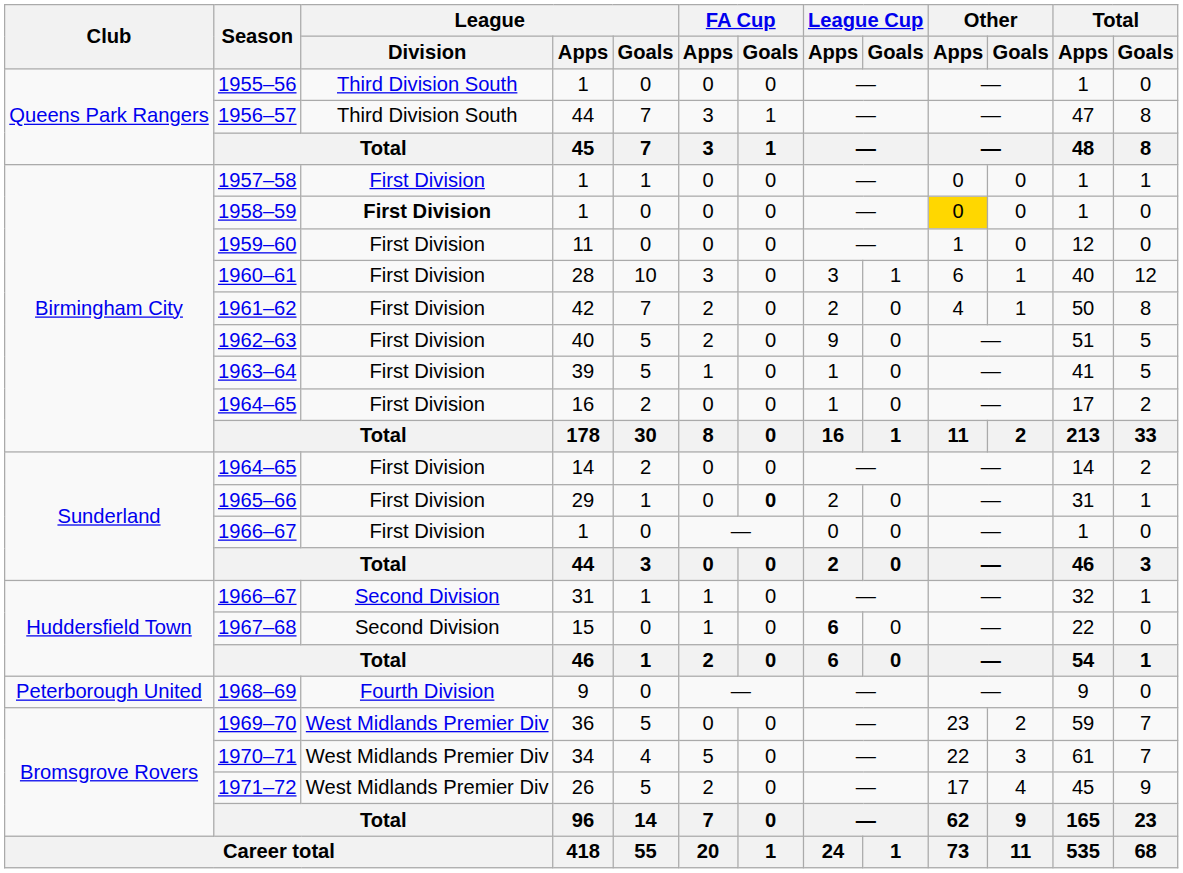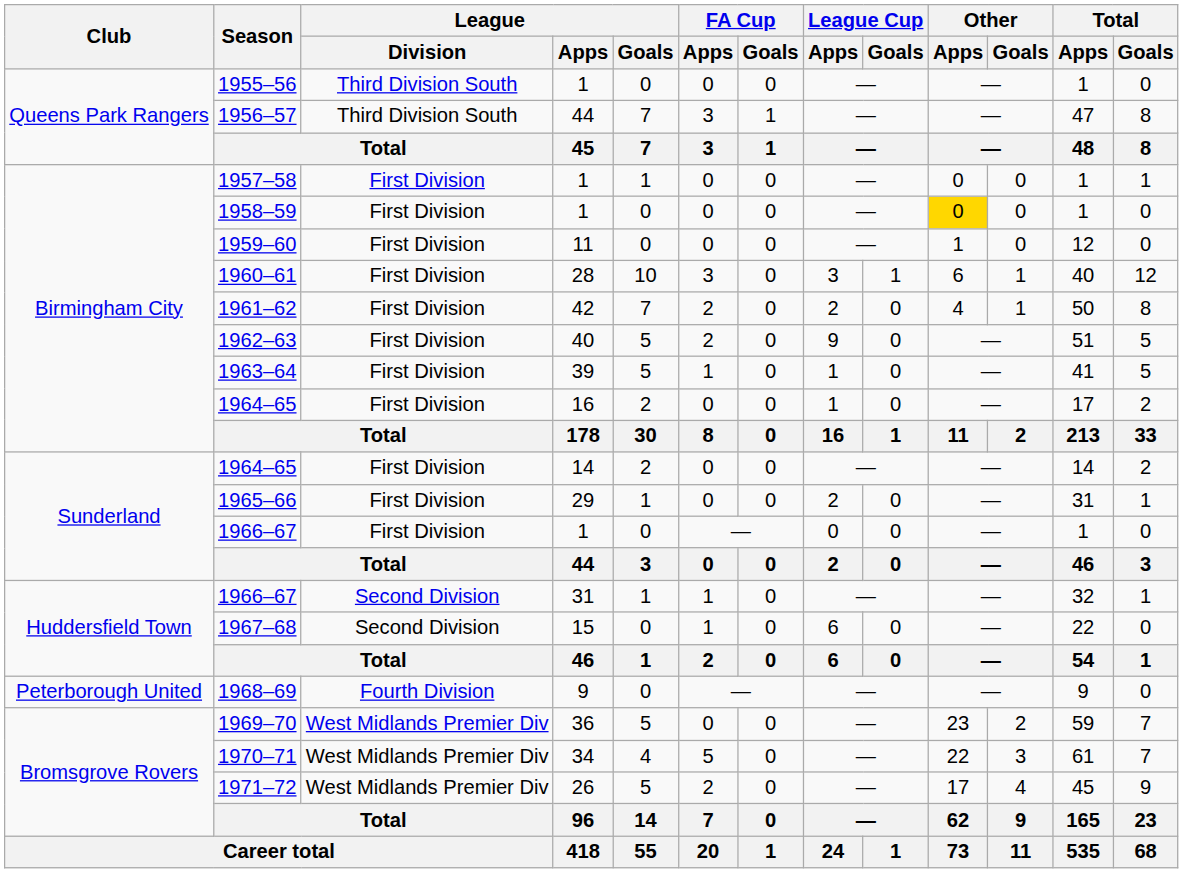 <table class=wikitable style="text-align:center">
 <tr>
 <th rowspan="2">Club</th>
 <th rowspan="2">Season</th>
 <th colspan="3">League</th>
 <th colspan="2"><a href='#'>FA Cup</a></th>
 <th colspan="2"><a href='#'>League Cup</a></th>
 <th colspan="2">Other</th>
 <th colspan="2">Total</th>
 </tr>
 <tr>
 <th>Division</th>
 <th>Apps</th>
 <th>Goals</th>
 <th>Apps</th>
 <th>Goals</th>
 <th>Apps</th>
 <th>Goals</th>
 <th>Apps</th>
 <th>Goals</th>
 <th>Apps</th>
 <th>Goals</th>
 </tr>
 <tr>
 <td rowspan="3"><a href='#'>Queens Park Rangers</a></td>
 <td><a href='#'>1955–56</a></td>
 <td><a href='#'>Third Division South</a></td>
 <td>1</td>
 <td>0</td>
 <td>0</td>
 <td>0</td>
 <td colspan="2">—</td>
 <td colspan="2">—</td>
 <td>1</td>
 <td>0</td>
 </tr>
 <tr>
 <td><a href='#'>1956–57</a></td>
 <td>Third Division South</td>
 <td>44</td>
 <td>7</td>
 <td>3</td>
 <td>1</td>
 <td colspan="2">—</td>
 <td colspan="2">—</td>
 <td>47</td>
 <td>8</td>
 </tr>
 <tr>
 <th colspan=2>Total</th>
 <th>45</th>
 <th>7</th>
 <th>3</th>
 <th>1</th>
 <th colspan="2">—</th>
 <th colspan="2">—</th>
 <th>48</th>
 <th>8</th>
 </tr>
 <tr>
 <td rowspan="9"><a href='#'>Birmingham City</a></td>
 <td><a href='#'>1957–58</a></td>
 <td><a href='#'>First Division</a></td>
 <td>1</td>
 <td>1</td>
 <td>0</td>
 <td>0</td>
 <td colspan="2">—</td>
 <td>0</td>
 <td>0</td>
 <td>1</td>
 <td>1</td>
 </tr>
 <tr>
 <td><a href='#'>1958–59</a></td>
-<td><strong>First Division</strong></td>
+<td>First Division</td>
 <td>1</td>
 <td>0</td>
 <td>0</td>
 <td>0</td>
 <td colspan="2">—</td>
 <td style="background: gold;">0</td>
 <td>0</td>
 <td>1</td>
 <td>0</td>
 </tr>
 <tr>
 <td><a href='#'>1959–60</a></td>
 <td>First Division</td>
 <td>11</td>
 <td>0</td>
 <td>0</td>
 <td>0</td>
 <td colspan="2">—</td>
 <td>1</td>
 <td>0</td>
 <td>12</td>
 <td>0</td>
 </tr>
 <tr>
 <td><a href='#'>1960–61</a></td>
 <td>First Division</td>
 <td>28</td>
 <td>10</td>
 <td>3</td>
 <td>0</td>
 <td>3</td>
 <td>1</td>
 <td>6</td>
 <td>1</td>
 <td>40</td>
 <td>12</td>
 </tr>
 <tr>
 <td><a href='#'>1961–62</a></td>
 <td>First Division</td>
 <td>42</td>
 <td>7</td>
 <td>2</td>
 <td>0</td>
 <td>2</td>
 <td>0</td>
 <td>4</td>
 <td>1</td>
 <td>50</td>
 <td>8</td>
 </tr>
 <tr>
 <td><a href='#'>1962–63</a></td>
 <td>First Division</td>
 <td>40</td>
 <td>5</td>
 <td>2</td>
 <td>0</td>
 <td>9</td>
 <td>0</td>
 <td colspan="2">—</td>
 <td>51</td>
 <td>5</td>
 </tr>
 <tr>
 <td><a href='#'>1963–64</a></td>
 <td>First Division</td>
 <td>39</td>
 <td>5</td>
 <td>1</td>
 <td>0</td>
 <td>1</td>
 <td>0</td>
 <td colspan="2">—</td>
 <td>41</td>
 <td>5</td>
 </tr>
 <tr>
 <td><a href='#'>1964–65</a></td>
 <td>First Division</td>
 <td>16</td>
 <td>2</td>
 <td>0</td>
 <td>0</td>
 <td>1</td>
 <td>0</td>
 <td colspan="2">—</td>
 <td>17</td>
 <td>2</td>
 </tr>
 <tr>
 <th colspan=2>Total</th>
 <th>178</th>
 <th>30</th>
 <th>8</th>
 <th>0</th>
 <th>16</th>
 <th>1</th>
 <th>11</th>
 <th>2</th>
 <th>213</th>
 <th>33</th>
 </tr>
 <tr>
 <td rowspan="4"><a href='#'>Sunderland</a></td>
 <td><a href='#'>1964–65</a></td>
 <td>First Division</td>
 <td>14</td>
 <td>2</td>
 <td>0</td>
 <td>0</td>
 <td colspan="2">—</td>
 <td colspan="2">—</td>
 <td>14</td>
 <td>2</td>
 </tr>
 <tr>
 <td><a href='#'>1965–66</a></td>
 <td>First Division</td>
 <td>29</td>
 <td>1</td>
 <td>0</td>
-<td><strong>0</strong></td>
+<td>0</td>
 <td>2</td>
 <td>0</td>
 <td colspan="2">—</td>
 <td>31</td>
 <td>1</td>
 </tr>
 <tr>
 <td><a href='#'>1966–67</a></td>
 <td>First Division</td>
 <td>1</td>
 <td>0</td>
 <td colspan="2">—</td>
 <td>0</td>
 <td>0</td>
 <td colspan="2">—</td>
 <td>1</td>
 <td>0</td>
 </tr>
 <tr>
 <th colspan=2>Total</th>
 <th>44</th>
 <th>3</th>
 <th>0</th>
 <th>0</th>
 <th>2</th>
 <th>0</th>
 <th colspan="2">—</th>
 <th>46</th>
 <th>3</th>
 </tr>
 <tr>
 <td rowspan="3"><a href='#'>Huddersfield Town</a></td>
 <td><a href='#'>1966–67</a></td>
 <td><a href='#'>Second Division</a></td>
 <td>31</td>
 <td>1</td>
 <td>1</td>
 <td>0</td>
 <td colspan="2">—</td>
 <td colspan="2">—</td>
 <td>32</td>
 <td>1</td>
 </tr>
 <tr>
 <td><a href='#'>1967–68</a></td>
 <td>Second Division</td>
 <td>15</td>
 <td>0</td>
 <td>1</td>
 <td>0</td>
-<td><strong>6</strong></td>
+<td>6</td>
 <td>0</td>
 <td colspan="2">—</td>
 <td>22</td>
 <td>0</td>
 </tr>
 <tr>
 <th colspan=2>Total</th>
 <th>46</th>
 <th>1</th>
 <th>2</th>
 <th>0</th>
 <th>6</th>
 <th>0</th>
 <th colspan="2">—</th>
 <th>54</th>
 <th>1</th>
 </tr>
 <tr>
 <td><a href='#'>Peterborough United</a></td>
 <td><a href='#'>1968–69</a></td>
 <td><a href='#'>Fourth Division</a></td>
 <td>9</td>
 <td>0</td>
 <td colspan="2">—</td>
 <td colspan="2">—</td>
 <td colspan="2">—</td>
 <td>9</td>
 <td>0</td>
 </tr>
 <tr>
 <td rowspan="4"><a href='#'>Bromsgrove Rovers</a></td>
 <td><a href='#'>1969–70</a></td>
 <td><a href='#'>West Midlands Premier Div</a></td>
 <td>36</td>
 <td>5</td>
 <td>0</td>
 <td>0</td>
 <td colspan="2">—</td>
 <td>23</td>
 <td>2</td>
 <td>59</td>
 <td>7</td>
 </tr>
 <tr>
 <td><a href='#'>1970–71</a></td>
 <td>West Midlands Premier Div</td>
 <td>34</td>
 <td>4</td>
 <td>5</td>
 <td>0</td>
 <td colspan="2">—</td>
 <td>22</td>
 <td>3</td>
 <td>61</td>
 <td>7</td>
 </tr>
 <tr>
 <td><a href='#'>1971–72</a></td>
 <td>West Midlands Premier Div</td>
 <td>26</td>
 <td>5</td>
 <td>2</td>
 <td>0</td>
 <td colspan="2">—</td>
 <td>17</td>
 <td>4</td>
 <td>45</td>
 <td>9</td>
 </tr>
 <tr>
 <th colspan=2>Total</th>
 <th>96</th>
 <th>14</th>
 <th>7</th>
 <th>0</th>
 <th colspan="2">—</th>
 <th>62</th>
 <th>9</th>
 <th>165</th>
 <th>23</th>
 </tr>
 <tr>
 <th colspan=3>Career total</th>
 <th>418</th>
 <th>55</th>
 <th>20</th>
 <th>1</th>
 <th>24</th>
 <th>1</th>
 <th>73</th>
 <th>11</th>
 <th>535</th>
 <th>68</th>
 </tr>
 </table>
